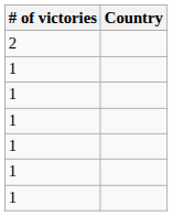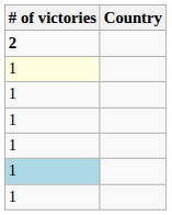 <table class="wikitable">
 <tr>
 <th># of victories</th>
 <th>Country</th>
 </tr>
 <tr>
-<td>2</td>
+<td><strong>2</strong></td>
+<td></td>
+</tr>
+<tr>
+<td style="background: lightyellow;">1</td>
 <td></td>
 </tr>
 <tr>
 <td>1</td>
 <td></td>
 </tr>
 <tr>
 <td>1</td>
 <td></td>
 </tr>
 <tr>
 <td>1</td>
 <td></td>
 </tr>
 <tr>
-<td>1</td>
-<td></td>
-</tr>
-<tr>
-<td>1</td>
+<td style="background: lightblue;">1</td>
 <td></td>
 </tr>
 <tr>
 <td>1</td>
 <td></td>
 </tr>
 </table>
